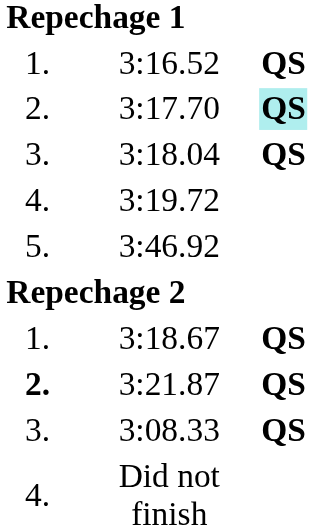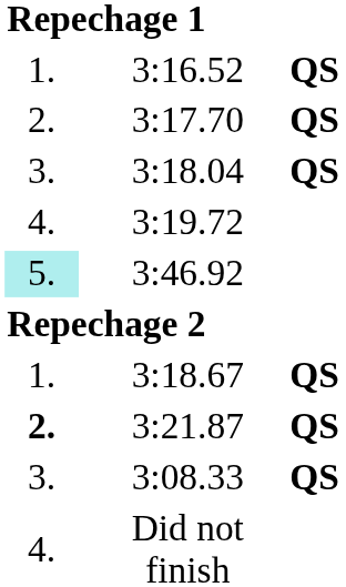 <table style="text-align:center">
 <tr>
 <td colspan=4 align=left><strong>Repechage 1</strong></td>
 </tr>
 <tr>
 <td width=30>1.</td>
 <td align=left></td>
 <td width=80>3:16.52</td>
 <td><strong>QS</strong></td>
 </tr>
 <tr>
 <td>2.</td>
 <td align=left></td>
 <td>3:17.70</td>
-<td style="background: paleturquoise;"><strong>QS</strong></td>
+<td><strong>QS</strong></td>
 </tr>
 <tr>
 <td>3.</td>
 <td align=left></td>
 <td>3:18.04</td>
 <td><strong>QS</strong></td>
 </tr>
 <tr>
 <td>4.</td>
 <td align=left></td>
 <td>3:19.72</td>
 <td></td>
 </tr>
 <tr>
-<td>5.</td>
+<td style="background: paleturquoise;">5.</td>
 <td align=left></td>
 <td>3:46.92</td>
 <td></td>
 </tr>
 <tr>
 <td colspan=4 align=left><strong>Repechage 2</strong></td>
 </tr>
 <tr>
 <td>1.</td>
 <td align=left></td>
 <td>3:18.67</td>
 <td><strong>QS</strong></td>
 </tr>
 <tr>
 <td><strong>2.</strong></td>
 <td align=left></td>
 <td>3:21.87</td>
 <td><strong>QS</strong></td>
 </tr>
 <tr>
 <td>3.</td>
 <td align=left></td>
 <td>3:08.33</td>
 <td><strong>QS</strong></td>
 </tr>
 <tr>
 <td>4.</td>
 <td align=left></td>
 <td>Did not finish</td>
 <td></td>
 </tr>
 </table>
